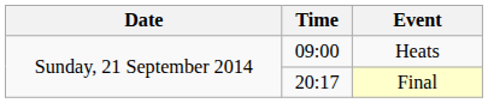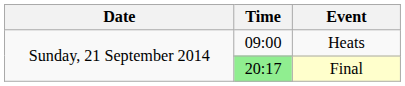 <table class = "wikitable" style="text-align:center;">
 <tr>
 <th width=220>Date</th>
 <th width=50>Time</th>
 <th width=100>Event</th>
 </tr>
 <tr>
 <td rowspan=2>Sunday, 21 September 2014</td>
 <td>09:00</td>
 <td>Heats</td>
 </tr>
 <tr>
-<td>20:17</td>
+<td style="background: lightgreen;">20:17</td>
 <td bgcolor=ffffcc>Final</td>
 </tr>
 </table>
